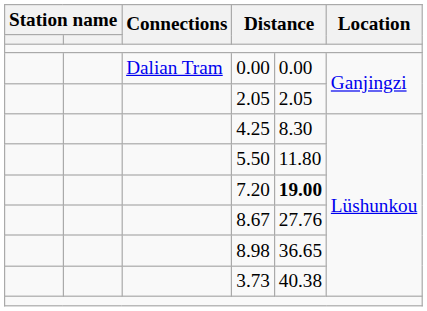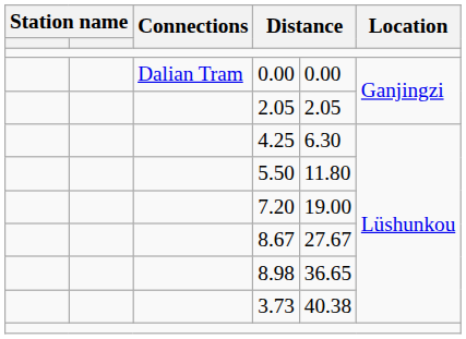 <table class="wikitable">
 <tr>
 <th colspan="2">Station name</th>
 <th rowspan="2">Connections</th>
 <th colspan="2" rowspan="2">Distance<br></th>
 <th rowspan="2">Location</th>
 </tr>
 <tr>
 <th></th>
 <th></th>
 </tr>
 <tr style="background:#">
 <td colspan = "6"></td>
 </tr>
 <tr>
 <td></td>
 <td></td>
 <td>  <a href='#'>Dalian Tram</a></td>
 <td>0.00</td>
 <td>0.00</td>
 <td rowspan="2"><a href='#'>Ganjingzi</a></td>
 </tr>
 <tr>
 <td></td>
 <td></td>
 <td></td>
 <td>2.05</td>
 <td>2.05</td>
 </tr>
 <tr>
 <td></td>
 <td></td>
 <td></td>
 <td>4.25</td>
-<td>8.30</td>
+<td>6.30</td>
 <td rowspan="6"><a href='#'>Lüshunkou</a></td>
 </tr>
 <tr>
 <td></td>
 <td></td>
 <td></td>
 <td>5.50</td>
 <td>11.80</td>
 </tr>
 <tr>
 <td></td>
 <td></td>
 <td></td>
 <td>7.20</td>
-<td><strong>19.00</strong></td>
+<td>19.00</td>
 </tr>
 <tr>
 <td></td>
 <td></td>
 <td></td>
 <td>8.67</td>
-<td>27.76</td>
+<td>27.67</td>
 </tr>
 <tr>
 <td></td>
 <td></td>
 <td></td>
 <td>8.98</td>
 <td>36.65</td>
 </tr>
 <tr>
 <td></td>
 <td></td>
 <td></td>
 <td>3.73</td>
 <td>40.38</td>
 </tr>
 <tr style="background:#">
 <td colspan = "6"></td>
 </tr>
 </table>
